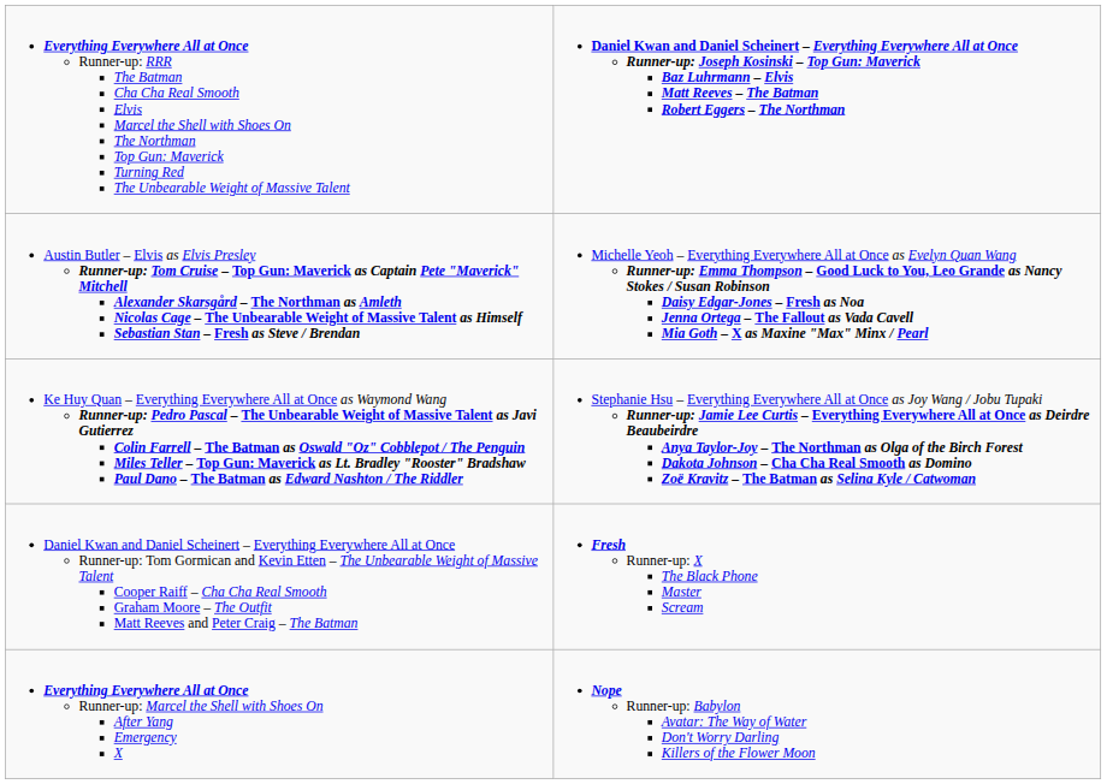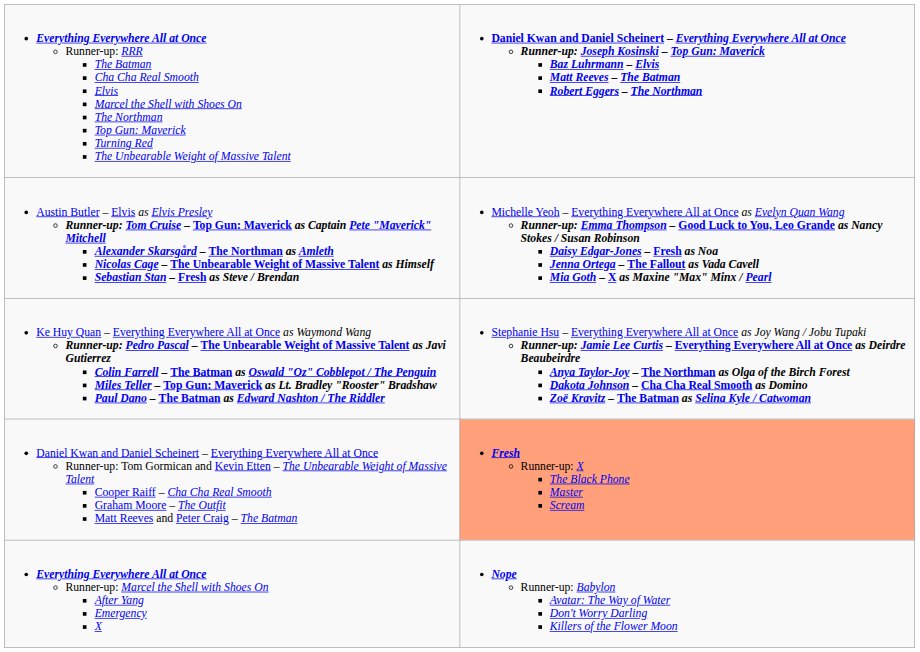 <table class="wikitable">
 <tr>
 <td valign="top" width="50%"><br><ul><li><strong><em><a href='#'>Everything Everywhere All at Once</a></em></strong><ul><li>Runner-up: <em><a href='#'>RRR</a></em><ul><li><em><a href='#'>The Batman</a></em></li><li><em><a href='#'>Cha Cha Real Smooth</a></em></li><li><em><a href='#'>Elvis</a></em></li><li><em><a href='#'>Marcel the Shell with Shoes On</a></em></li><li><em><a href='#'>The Northman</a></em></li><li><em><a href='#'>Top Gun: Maverick</a></em></li><li><em><a href='#'>Turning Red</a></em></li><li><em><a href='#'>The Unbearable Weight of Massive Talent</a></em></li></ul></li></ul></li></ul></td>
 <td valign="top" width="50%"><br><ul><li><strong><a href='#'>Daniel Kwan and Daniel Scheinert</a> – <em><a href='#'>Everything Everywhere All at Once</a><strong><em><ul><li>Runner-up: <a href='#'>Joseph Kosinski</a> – </em><a href='#'>Top Gun: Maverick</a><em><ul><li><a href='#'>Baz Luhrmann</a> – </em><a href='#'>Elvis</a><em></li><li><a href='#'>Matt Reeves</a> – </em><a href='#'>The Batman</a><em></li><li><a href='#'>Robert Eggers</a> – </em><a href='#'>The Northman</a><em></li></ul></li></ul></li></ul></td>
 </tr>
 <tr>
 <td valign="top" width="50%"><br><ul><li></strong><a href='#'>Austin Butler</a> – </em><a href='#'>Elvis</a><em> as <a href='#'>Elvis Presley</a><strong><ul><li>Runner-up: <a href='#'>Tom Cruise</a> – </em><a href='#'>Top Gun: Maverick</a><em> as Captain <a href='#'>Pete "Maverick" Mitchell</a><ul><li><a href='#'>Alexander Skarsgård</a> – </em><a href='#'>The Northman</a><em> as <a href='#'>Amleth</a></li><li><a href='#'>Nicolas Cage</a> – </em><a href='#'>The Unbearable Weight of Massive Talent</a><em> as Himself</li><li><a href='#'>Sebastian Stan</a> – </em><a href='#'>Fresh</a><em> as Steve / Brendan</li></ul></li></ul></li></ul></td>
 <td valign="top" width="50%"><br><ul><li></strong><a href='#'>Michelle Yeoh</a> – </em><a href='#'>Everything Everywhere All at Once</a><em> as <a href='#'>Evelyn Quan Wang</a><strong><ul><li>Runner-up: <a href='#'>Emma Thompson</a> – </em><a href='#'>Good Luck to You, Leo Grande</a><em> as Nancy Stokes / Susan Robinson<ul><li><a href='#'>Daisy Edgar-Jones</a> – </em><a href='#'>Fresh</a><em> as Noa</li><li><a href='#'>Jenna Ortega</a> – </em><a href='#'>The Fallout</a><em> as Vada Cavell</li><li><a href='#'>Mia Goth</a> – </em><a href='#'>X</a><em> as Maxine "Max" Minx / <a href='#'>Pearl</a></li></ul></li></ul></li></ul></td>
 </tr>
 <tr>
 <td valign="top" width="50%"><br><ul><li></strong><a href='#'>Ke Huy Quan</a> – </em><a href='#'>Everything Everywhere All at Once</a><em> as Waymond Wang<strong><ul><li>Runner-up: <a href='#'>Pedro Pascal</a> – </em><a href='#'>The Unbearable Weight of Massive Talent</a><em> as Javi Gutierrez<ul><li><a href='#'>Colin Farrell</a> – </em><a href='#'>The Batman</a><em> as <a href='#'>Oswald "Oz" Cobblepot / The Penguin</a></li><li><a href='#'>Miles Teller</a> – </em><a href='#'>Top Gun: Maverick</a><em> as Lt. Bradley "Rooster" Bradshaw</li><li><a href='#'>Paul Dano</a> – </em><a href='#'>The Batman</a><em> as <a href='#'>Edward Nashton / The Riddler</a></li></ul></li></ul></li></ul></td>
 <td valign="top" width="50%"><br><ul><li></strong><a href='#'>Stephanie Hsu</a> – </em><a href='#'>Everything Everywhere All at Once</a><em> as Joy Wang / Jobu Tupaki<strong><ul><li>Runner-up: <a href='#'>Jamie Lee Curtis</a> – </em><a href='#'>Everything Everywhere All at Once</a><em> as Deirdre Beaubeirdre<ul><li><a href='#'>Anya Taylor-Joy</a> – </em><a href='#'>The Northman</a><em> as Olga of the Birch Forest</li><li><a href='#'>Dakota Johnson</a> – </em><a href='#'>Cha Cha Real Smooth</a><em> as Domino</li><li><a href='#'>Zoë Kravitz</a> – </em><a href='#'>The Batman</a><em> as <a href='#'>Selina Kyle / Catwoman</a></li></ul></li></ul></li></ul></td>
 </tr>
 <tr>
 <td valign="top" width="50%"><br><ul><li></strong><a href='#'>Daniel Kwan and Daniel Scheinert</a> – </em><a href='#'>Everything Everywhere All at Once</a></em></strong><ul><li>Runner-up: Tom Gormican and <a href='#'>Kevin Etten</a> – <em><a href='#'>The Unbearable Weight of Massive Talent</a></em><ul><li><a href='#'>Cooper Raiff</a> – <em><a href='#'>Cha Cha Real Smooth</a></em></li><li><a href='#'>Graham Moore</a> – <em><a href='#'>The Outfit</a></em></li><li><a href='#'>Matt Reeves</a> and <a href='#'>Peter Craig</a> – <em><a href='#'>The Batman</a></em></li></ul></li></ul></li></ul></td>
-<td valign="top" width="50%"><br><ul><li><strong><em><a href='#'>Fresh</a></em></strong><ul><li>Runner-up: <em><a href='#'>X</a></em><ul><li><em><a href='#'>The Black Phone</a></em></li><li><em><a href='#'>Master</a></em></li><li><em><a href='#'>Scream</a></em></li></ul></li></ul></li></ul></td>
+<td valign="top" width="50%" style="background: lightsalmon;"><br><ul><li><strong><em><a href='#'>Fresh</a></em></strong><ul><li>Runner-up: <em><a href='#'>X</a></em><ul><li><em><a href='#'>The Black Phone</a></em></li><li><em><a href='#'>Master</a></em></li><li><em><a href='#'>Scream</a></em></li></ul></li></ul></li></ul></td>
 </tr>
 <tr>
 <td valign="top" width="50%"><br><ul><li><strong><em><a href='#'>Everything Everywhere All at Once</a></em></strong><ul><li>Runner-up: <em><a href='#'>Marcel the Shell with Shoes On</a></em><ul><li><em><a href='#'>After Yang</a></em></li><li><em><a href='#'>Emergency</a></em></li><li><em><a href='#'>X</a></em></li></ul></li></ul></li></ul></td>
 <td valign="top" width="50%"><br><ul><li><strong><em><a href='#'>Nope</a></em></strong><ul><li>Runner-up: <em><a href='#'>Babylon</a></em><ul><li><em><a href='#'>Avatar: The Way of Water</a></em></li><li><em><a href='#'>Don't Worry Darling</a></em></li><li><em><a href='#'>Killers of the Flower Moon</a></em></li></ul></li></ul></li></ul></td>
 </tr>
 </table>
